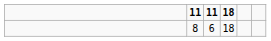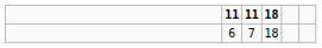 <table class="wikitable">
 <tr>
 <td style="width:18em"></td>
 <td align=center style="width:1em"><strong>11</strong></td>
 <td align=center style="width:1em"><strong>11</strong></td>
 <td align=center style="width:1em"><strong>18</strong></td>
 <td align=center style="width:1em"></td>
 <td align=center style="width:1em"></td>
 </tr>
 <tr>
 <td style="width:18em"></td>
-<td align=center style="width:1em">8</td>
 <td align=center style="width:1em">6</td>
+<td align=center style="width:1em">7</td>
 <td align=center style="width:1em">18</td>
 <td align=center style="width:1em"></td>
 <td align=center style="width:1em"></td>
 </tr>
 </table>
